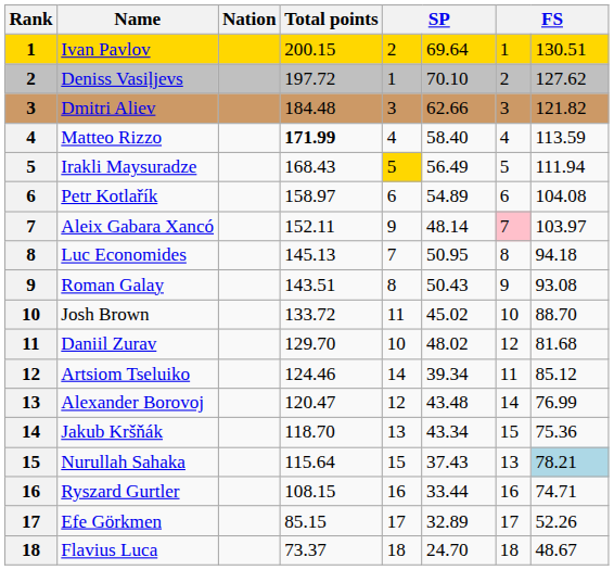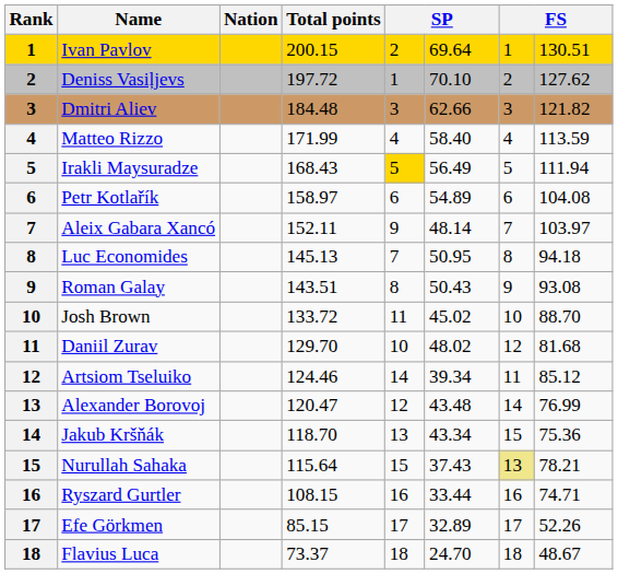 <table class="wikitable sortable">
 <tr>
 <th>Rank</th>
 <th>Name</th>
 <th>Nation</th>
 <th>Total points</th>
 <th colspan="2" width="90px"><a href='#'>SP</a></th>
 <th colspan="2" width="90px"><a href='#'>FS</a></th>
 </tr>
 <tr bgcolor="gold">
 <td align="center"><strong>1</strong></td>
 <td><a href='#'>Ivan Pavlov</a></td>
 <td></td>
 <td>200.15</td>
 <td>2</td>
 <td>69.64</td>
 <td>1</td>
 <td>130.51</td>
 </tr>
 <tr bgcolor="silver">
 <td align="center"><strong>2</strong></td>
 <td><a href='#'>Deniss Vasiļjevs</a></td>
 <td></td>
 <td>197.72</td>
 <td>1</td>
 <td>70.10</td>
 <td>2</td>
 <td>127.62</td>
 </tr>
 <tr bgcolor="#cc9966">
 <td align="center"><strong>3</strong></td>
 <td><a href='#'>Dmitri Aliev</a></td>
 <td></td>
 <td>184.48</td>
 <td>3</td>
 <td>62.66</td>
 <td>3</td>
 <td>121.82</td>
 </tr>
 <tr>
 <th>4</th>
 <td><a href='#'>Matteo Rizzo</a></td>
 <td></td>
-<td><strong>171.99</strong></td>
+<td>171.99</td>
 <td>4</td>
 <td>58.40</td>
 <td>4</td>
 <td>113.59</td>
 </tr>
 <tr>
 <th>5</th>
 <td><a href='#'>Irakli Maysuradze</a></td>
 <td></td>
 <td>168.43</td>
 <td style="background: gold;">5</td>
 <td>56.49</td>
 <td>5</td>
 <td>111.94</td>
 </tr>
 <tr>
 <th>6</th>
 <td><a href='#'>Petr Kotlařík</a></td>
 <td></td>
 <td>158.97</td>
 <td>6</td>
 <td>54.89</td>
 <td>6</td>
 <td>104.08</td>
 </tr>
 <tr>
 <th>7</th>
 <td><a href='#'>Aleix Gabara Xancó</a></td>
 <td></td>
 <td>152.11</td>
 <td>9</td>
 <td>48.14</td>
-<td style="background: pink;">7</td>
+<td>7</td>
 <td>103.97</td>
 </tr>
 <tr>
 <th>8</th>
 <td><a href='#'>Luc Economides</a></td>
 <td></td>
 <td>145.13</td>
 <td>7</td>
 <td>50.95</td>
 <td>8</td>
 <td>94.18</td>
 </tr>
 <tr>
 <th>9</th>
 <td><a href='#'>Roman Galay</a></td>
 <td></td>
 <td>143.51</td>
 <td>8</td>
 <td>50.43</td>
 <td>9</td>
 <td>93.08</td>
 </tr>
 <tr>
 <th>10</th>
 <td>Josh Brown</td>
 <td></td>
 <td>133.72</td>
 <td>11</td>
 <td>45.02</td>
 <td>10</td>
 <td>88.70</td>
 </tr>
 <tr>
 <th>11</th>
 <td><a href='#'>Daniil Zurav</a></td>
 <td></td>
 <td>129.70</td>
 <td>10</td>
 <td>48.02</td>
 <td>12</td>
 <td>81.68</td>
 </tr>
 <tr>
 <th>12</th>
 <td><a href='#'>Artsiom Tseluiko</a></td>
 <td></td>
 <td>124.46</td>
 <td>14</td>
 <td>39.34</td>
 <td>11</td>
 <td>85.12</td>
 </tr>
 <tr>
 <th>13</th>
 <td><a href='#'>Alexander Borovoj</a></td>
 <td></td>
 <td>120.47</td>
 <td>12</td>
 <td>43.48</td>
 <td>14</td>
 <td>76.99</td>
 </tr>
 <tr>
 <th>14</th>
 <td><a href='#'>Jakub Kršňák</a></td>
 <td></td>
 <td>118.70</td>
 <td>13</td>
 <td>43.34</td>
 <td>15</td>
 <td>75.36</td>
 </tr>
 <tr>
 <th>15</th>
 <td><a href='#'>Nurullah Sahaka</a></td>
 <td></td>
 <td>115.64</td>
 <td>15</td>
 <td>37.43</td>
-<td>13</td>
-<td style="background: lightblue;">78.21</td>
+<td style="background: khaki;">13</td>
+<td>78.21</td>
 </tr>
 <tr>
 <th>16</th>
 <td><a href='#'>Ryszard Gurtler</a></td>
 <td></td>
 <td>108.15</td>
 <td>16</td>
 <td>33.44</td>
 <td>16</td>
 <td>74.71</td>
 </tr>
 <tr>
 <th>17</th>
 <td><a href='#'>Efe Görkmen</a></td>
 <td></td>
 <td>85.15</td>
 <td>17</td>
 <td>32.89</td>
 <td>17</td>
 <td>52.26</td>
 </tr>
 <tr>
 <th>18</th>
 <td><a href='#'>Flavius Luca</a></td>
 <td></td>
 <td>73.37</td>
 <td>18</td>
 <td>24.70</td>
 <td>18</td>
 <td>48.67</td>
 </tr>
 </table>
